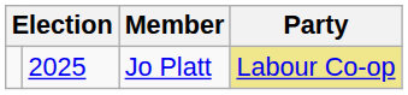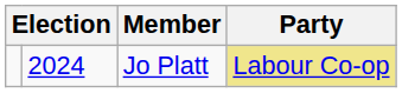 <table class="wikitable">
 <tr>
 <th colspan="2">Election</th>
 <th>Member</th>
 <th>Party</th>
 </tr>
 <tr>
 <td style="color:inherit;background-color: "></td>
-<td><a href='#'>2025</a></td>
+<td><a href='#'>2024</a></td>
 <td><a href='#'>Jo Platt</a></td>
 <td style="background: khaki;"><a href='#'>Labour Co-op</a></td>
 </tr>
 </table>
